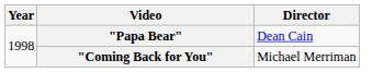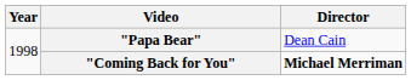 <table class="wikitable plainrowheaders">
 <tr>
 <th>Year</th>
 <th style="width:16em;">Video</th>
 <th>Director</th>
 </tr>
 <tr>
 <td rowspan="2">1998</td>
 <th scope="row">"Papa Bear"</th>
 <td><a href='#'>Dean Cain</a></td>
 </tr>
 <tr>
 <th scope="row">"Coming Back for You"</th>
-<td>Michael Merriman</td>
+<td><strong>Michael Merriman</strong></td>
 </tr>
 </table>
